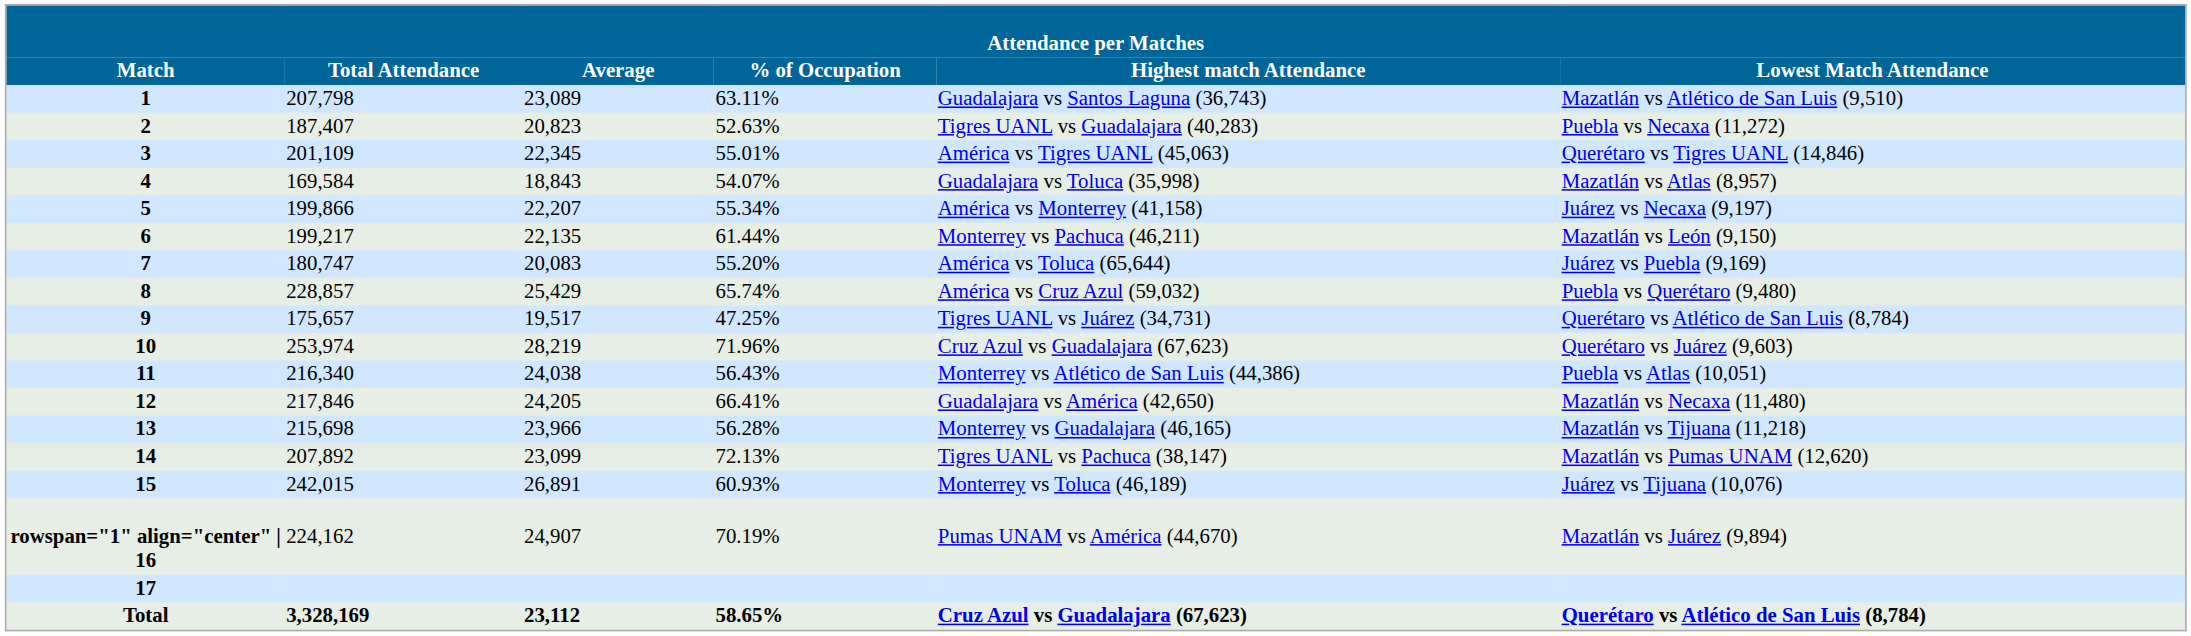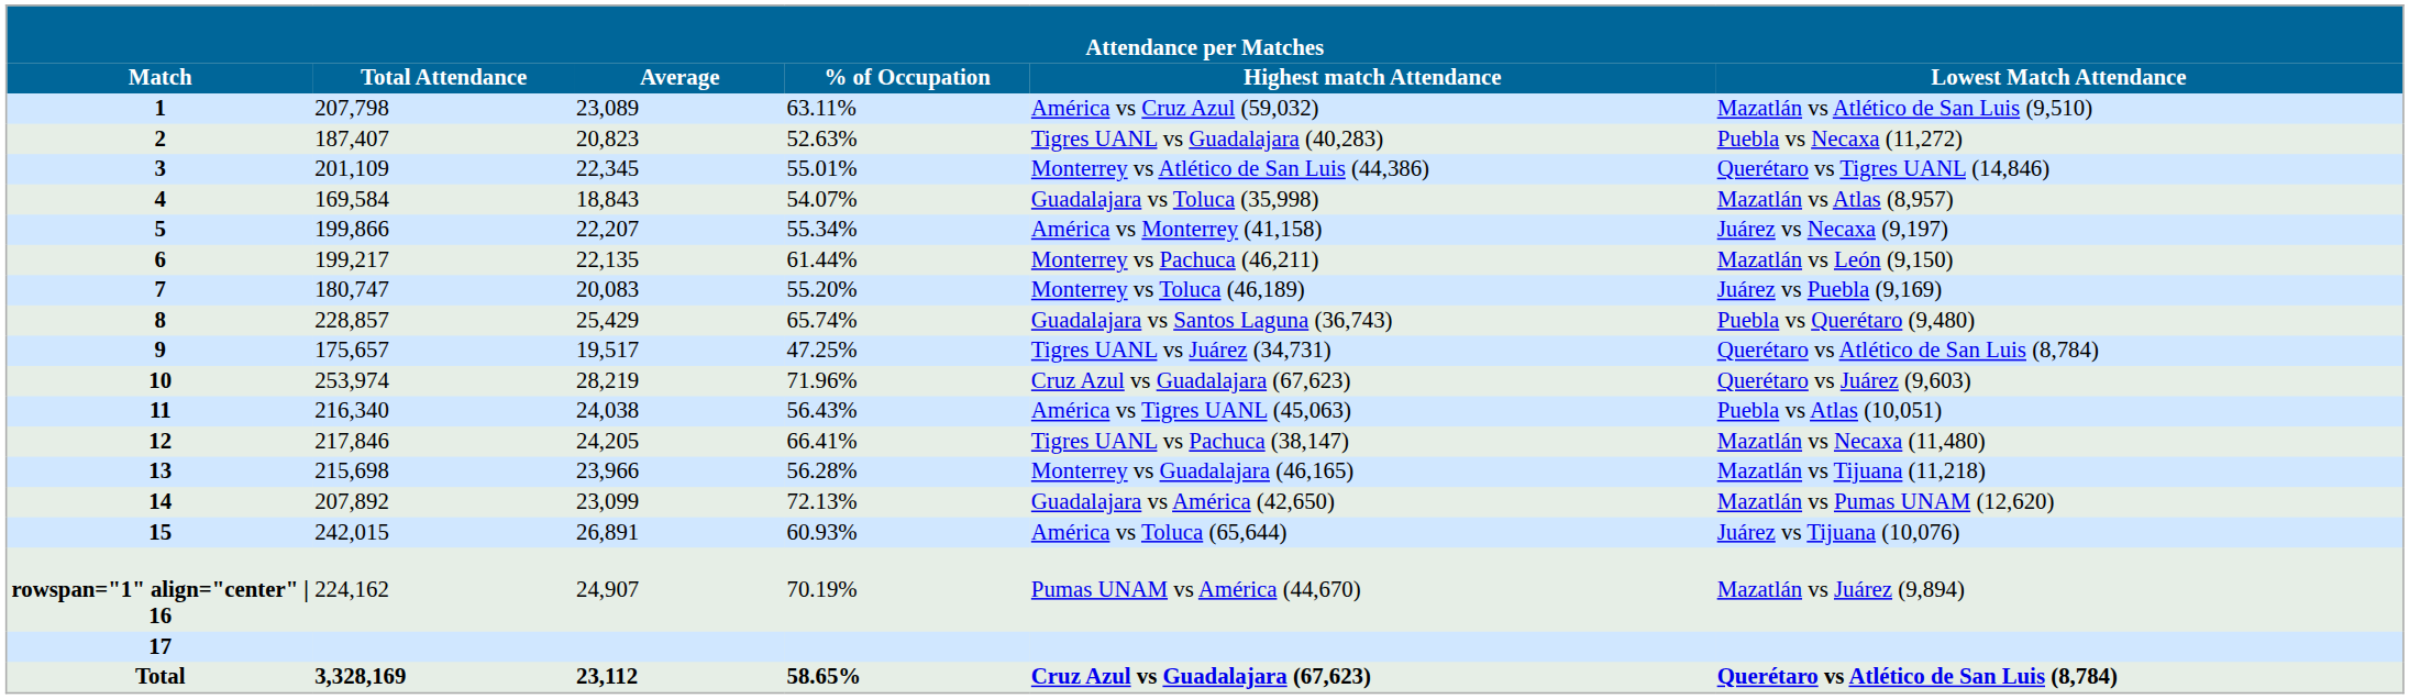 <table class="sortable" style="margin:auto; background: #E6EEE6; border: 1px #aaa solid; border-collapse: collapse; font-size: 85%;" width="90%" cellspacing="0">
 <tr style="color:white;" bgcolor="#ccddcc">
 <th colspan="9" style=" background: #006699 " align="center" with="100%;"><br><strong>Attendance per Matches</strong></th>
 </tr>
 <tr style="color:#FFFFFF;">
 <th style="background:#006699" width="50">Match</th>
 <th style="background:#006699" width="75">Total Attendance</th>
 <th style="background:#006699" width="60">Average</th>
 <th style="background:#006699" width="70">% of Occupation</th>
 <th style="background:#006699" width="200">Highest match Attendance</th>
 <th style="background:#006699" width="200">Lowest Match Attendance</th>
 </tr>
 <tr bgcolor="#d0e7ff">
 <th rowspan="1" align="center">1</th>
 <td>207,798</td>
 <td>23,089</td>
 <td>63.11%</td>
-<td><a href='#'>Guadalajara</a> vs <a href='#'>Santos Laguna</a> (36,743)</td>
+<td><a href='#'>América</a> vs <a href='#'>Cruz Azul</a> (59,032)</td>
 <td><a href='#'>Mazatlán</a> vs <a href='#'>Atlético de San Luis</a> (9,510)</td>
 </tr>
 <tr>
 <th rowspan="1" align="center">2</th>
 <td>187,407</td>
 <td>20,823</td>
 <td>52.63%</td>
 <td><a href='#'>Tigres UANL</a> vs <a href='#'>Guadalajara</a> (40,283)</td>
 <td><a href='#'>Puebla</a> vs <a href='#'>Necaxa</a> (11,272)</td>
 </tr>
 <tr bgcolor="#d0e7ff">
 <th rowspan="1" align="center">3</th>
 <td>201,109</td>
 <td>22,345</td>
 <td>55.01%</td>
-<td><a href='#'>América</a> vs <a href='#'>Tigres UANL</a> (45,063)</td>
+<td><a href='#'>Monterrey</a> vs <a href='#'>Atlético de San Luis</a> (44,386)</td>
 <td><a href='#'>Querétaro</a> vs <a href='#'>Tigres UANL</a> (14,846)</td>
 </tr>
 <tr>
 <th rowspan="1" align="center">4</th>
 <td>169,584</td>
 <td>18,843</td>
 <td>54.07%</td>
 <td><a href='#'>Guadalajara</a> vs <a href='#'>Toluca</a> (35,998)</td>
 <td><a href='#'>Mazatlán</a> vs <a href='#'>Atlas</a> (8,957)</td>
 </tr>
 <tr bgcolor="#d0e7ff">
 <th rowspan="1" align="center">5</th>
 <td>199,866</td>
 <td>22,207</td>
 <td>55.34%</td>
 <td><a href='#'>América</a> vs <a href='#'>Monterrey</a> (41,158)</td>
 <td><a href='#'>Juárez</a> vs <a href='#'>Necaxa</a> (9,197)</td>
 </tr>
 <tr>
 <th rowspan="1" align="center">6</th>
 <td>199,217</td>
 <td>22,135</td>
 <td>61.44%</td>
 <td><a href='#'>Monterrey</a> vs <a href='#'>Pachuca</a> (46,211)</td>
 <td><a href='#'>Mazatlán</a> vs <a href='#'>León</a> (9,150)</td>
 </tr>
 <tr bgcolor="#d0e7ff">
 <th rowspan="1" align="center">7</th>
 <td>180,747</td>
 <td>20,083</td>
 <td>55.20%</td>
-<td><a href='#'>América</a> vs <a href='#'>Toluca</a> (65,644)</td>
+<td><a href='#'>Monterrey</a> vs <a href='#'>Toluca</a> (46,189)</td>
 <td><a href='#'>Juárez</a> vs <a href='#'>Puebla</a> (9,169)</td>
 </tr>
 <tr>
 <th rowspan="1" align="center">8</th>
 <td>228,857</td>
 <td>25,429</td>
 <td>65.74%</td>
-<td><a href='#'>América</a> vs <a href='#'>Cruz Azul</a> (59,032)</td>
+<td><a href='#'>Guadalajara</a> vs <a href='#'>Santos Laguna</a> (36,743)</td>
 <td><a href='#'>Puebla</a> vs <a href='#'>Querétaro</a> (9,480)</td>
 </tr>
 <tr bgcolor="#d0e7ff">
 <th rowspan="1" align="center">9</th>
 <td>175,657</td>
 <td>19,517</td>
 <td>47.25%</td>
 <td><a href='#'>Tigres UANL</a> vs <a href='#'>Juárez</a> (34,731)</td>
 <td><a href='#'>Querétaro</a> vs <a href='#'>Atlético de San Luis</a> (8,784)</td>
 </tr>
 <tr>
 <th rowspan="1" align="center">10</th>
 <td>253,974</td>
 <td>28,219</td>
 <td>71.96%</td>
 <td><a href='#'>Cruz Azul</a> vs <a href='#'>Guadalajara</a> (67,623)</td>
 <td><a href='#'>Querétaro</a> vs <a href='#'>Juárez</a> (9,603)</td>
 </tr>
 <tr bgcolor="#d0e7ff">
 <th rowspan="1" align="center">11</th>
 <td>216,340</td>
 <td>24,038</td>
 <td>56.43%</td>
-<td><a href='#'>Monterrey</a> vs <a href='#'>Atlético de San Luis</a> (44,386)</td>
+<td><a href='#'>América</a> vs <a href='#'>Tigres UANL</a> (45,063)</td>
 <td><a href='#'>Puebla</a> vs <a href='#'>Atlas</a> (10,051)</td>
 </tr>
 <tr>
 <th rowspan="1" align="center">12</th>
 <td>217,846</td>
 <td>24,205</td>
 <td>66.41%</td>
-<td><a href='#'>Guadalajara</a> vs <a href='#'>América</a> (42,650)</td>
+<td><a href='#'>Tigres UANL</a> vs <a href='#'>Pachuca</a> (38,147)</td>
 <td><a href='#'>Mazatlán</a> vs <a href='#'>Necaxa</a> (11,480)</td>
 </tr>
 <tr bgcolor="#d0e7ff">
 <th rowspan="1" align="center">13</th>
 <td>215,698</td>
 <td>23,966</td>
 <td>56.28%</td>
 <td><a href='#'>Monterrey</a> vs <a href='#'>Guadalajara</a> (46,165)</td>
 <td><a href='#'>Mazatlán</a> vs <a href='#'>Tijuana</a> (11,218)</td>
 </tr>
 <tr>
 <th rowspan="1" align="center">14</th>
 <td>207,892</td>
 <td>23,099</td>
 <td>72.13%</td>
-<td><a href='#'>Tigres UANL</a> vs <a href='#'>Pachuca</a> (38,147)</td>
+<td><a href='#'>Guadalajara</a> vs <a href='#'>América</a> (42,650)</td>
 <td><a href='#'>Mazatlán</a> vs <a href='#'>Pumas UNAM</a> (12,620)</td>
 </tr>
 <tr bgcolor="#d0e7ff">
 <th rowspan="1" align="center">15</th>
 <td>242,015</td>
 <td>26,891</td>
 <td>60.93%</td>
-<td><a href='#'>Monterrey</a> vs <a href='#'>Toluca</a> (46,189)</td>
+<td><a href='#'>América</a> vs <a href='#'>Toluca</a> (65,644)</td>
 <td><a href='#'>Juárez</a> vs <a href='#'>Tijuana</a> (10,076)</td>
 </tr>
 <tr>
 <th><br>rowspan="1" align="center" | 16</th>
 <td>224,162</td>
 <td>24,907</td>
 <td>70.19%</td>
 <td><a href='#'>Pumas UNAM</a> vs <a href='#'>América</a> (44,670)</td>
 <td><a href='#'>Mazatlán</a> vs <a href='#'>Juárez</a> (9,894)</td>
 </tr>
 <tr bgcolor="#d0e7ff">
 <th rowspan="1" align="center">17</th>
 <td></td>
 <td></td>
 <td></td>
 <td></td>
 <td></td>
 </tr>
 <tr>
 <th rowspan="1" align="center">Total</th>
 <td><strong>3,328,169</strong></td>
 <td><strong>23,112</strong></td>
 <td><strong>58.65%</strong></td>
 <td><strong><a href='#'>Cruz Azul</a> vs <a href='#'>Guadalajara</a> (67,623)</strong></td>
 <td><strong><a href='#'>Querétaro</a> vs <a href='#'>Atlético de San Luis</a> (8,784)</strong></td>
 </tr>
 <tr>
 </tr>
 </table>
